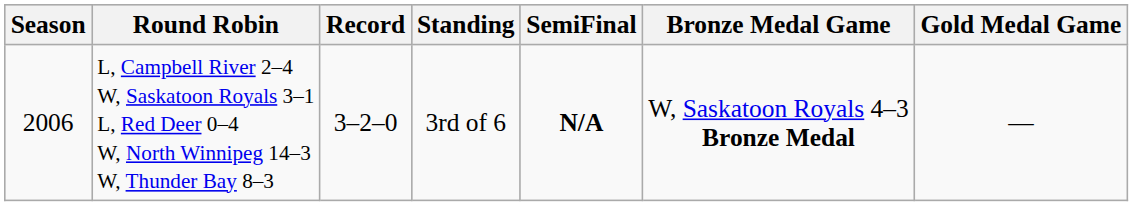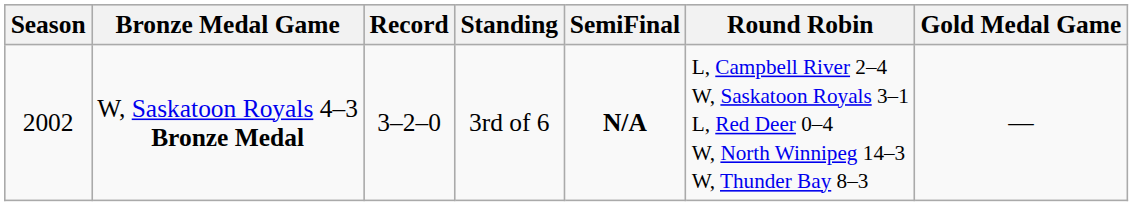 <table class="wikitable" style="text-align:center">
 <tr>
 <th>Season</th>
-<th>Round Robin</th>
+<th>Bronze Medal Game</th>
 <th>Record</th>
 <th>Standing</th>
 <th>SemiFinal</th>
-<th>Bronze Medal Game</th>
+<th>Round Robin</th>
 <th>Gold Medal Game</th>
 </tr>
 <tr>
-<td>2006</td>
-<td align=left><small>L, <a href='#'>Campbell River</a> 2–4<br>W, <a href='#'>Saskatoon Royals</a> 3–1<br>L, <a href='#'>Red Deer</a> 0–4<br>W, <a href='#'>North Winnipeg</a> 14–3<br>W, <a href='#'>Thunder Bay</a> 8–3</small></td>
+<td>2002</td>
+<td>W, <a href='#'>Saskatoon Royals</a> 4–3<br><strong>Bronze Medal</strong></td>
 <td>3–2–0</td>
 <td>3rd of 6</td>
 <td><strong>N/A</strong></td>
-<td>W, <a href='#'>Saskatoon Royals</a> 4–3<br><strong>Bronze Medal</strong></td>
+<td align=left><small>L, <a href='#'>Campbell River</a> 2–4<br>W, <a href='#'>Saskatoon Royals</a> 3–1<br>L, <a href='#'>Red Deer</a> 0–4<br>W, <a href='#'>North Winnipeg</a> 14–3<br>W, <a href='#'>Thunder Bay</a> 8–3</small></td>
 <td>—</td>
 </tr>
 </table>
